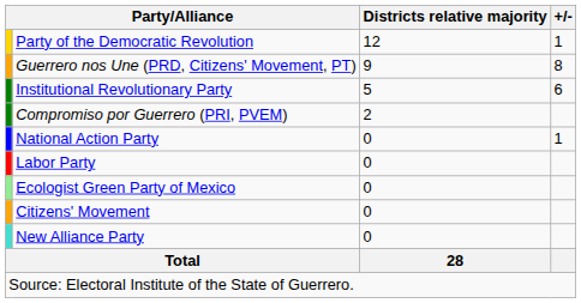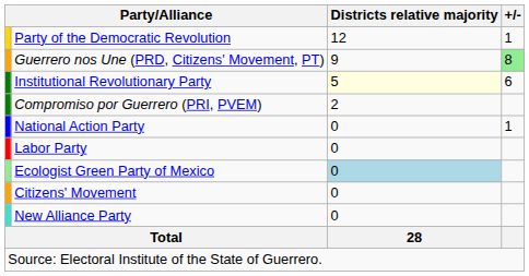 <table class="wikitable">
 <tr>
 <th colspan="2">Party/Alliance</th>
 <th>Districts relative majority</th>
 <th>+/-</th>
 </tr>
 <tr>
 <td bgcolor="gold"></td>
 <td><a href='#'>Party of the Democratic Revolution</a></td>
 <td>12</td>
 <td>1</td>
 </tr>
 <tr>
 <td bgcolor="orange"></td>
 <td><em>Guerrero nos Une</em> (<a href='#'>PRD</a>, <a href='#'>Citizens' Movement</a>, <a href='#'>PT</a>)</td>
 <td>9</td>
-<td>8</td>
+<td style="background: lightgreen;">8</td>
 </tr>
 <tr>
 <td bgcolor="green"></td>
 <td><a href='#'>Institutional Revolutionary Party</a></td>
-<td>5</td>
+<td style="background: lightyellow;">5</td>
 <td>6</td>
 </tr>
 <tr>
 <td bgcolor="green"></td>
 <td><em>Compromiso por Guerrero</em> (<a href='#'>PRI</a>, <a href='#'>PVEM</a>)</td>
 <td>2</td>
 <td></td>
 </tr>
 <tr>
 <td bgcolor="blue"></td>
 <td><a href='#'>National Action Party</a></td>
 <td>0</td>
 <td>1</td>
 </tr>
 <tr>
 <td bgcolor="red"></td>
 <td><a href='#'>Labor Party</a></td>
 <td>0</td>
 <td></td>
 </tr>
 <tr>
 <td bgcolor="lightgreen"></td>
 <td><a href='#'>Ecologist Green Party of Mexico</a></td>
-<td>0</td>
+<td style="background: lightblue;">0</td>
 <td></td>
 </tr>
 <tr>
 <td bgcolor="orange"></td>
 <td><a href='#'>Citizens' Movement</a></td>
 <td>0</td>
 <td></td>
 </tr>
 <tr>
 <td bgcolor="turquoise"></td>
 <td><a href='#'>New Alliance Party</a></td>
 <td>0</td>
 <td></td>
 </tr>
 <tr>
 <th colspan="2">Total</th>
 <th>28</th>
 <th></th>
 </tr>
 <tr>
 <td colspan="4">Source: Electoral Institute of the State of Guerrero.</td>
 </tr>
 </table>
